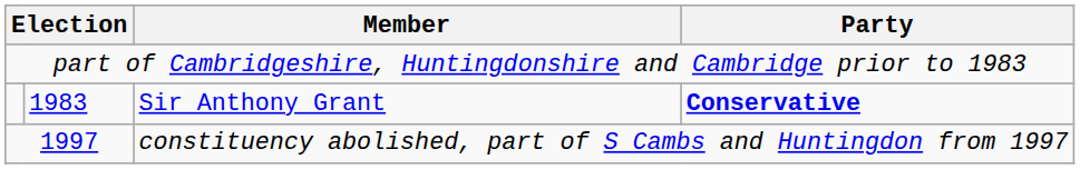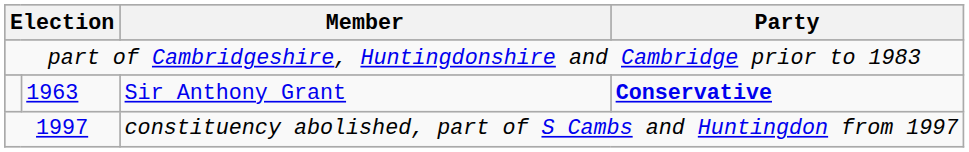 <table class="wikitable">
 <tr>
 <th colspan="2">Election</th>
 <th>Member</th>
 <th>Party</th>
 </tr>
 <tr>
 <td colspan="4" align="center"><em>part of <a href='#'>Cambridgeshire</a>, <a href='#'>Huntingdonshire</a> and <a href='#'>Cambridge</a> prior to 1983</em></td>
 </tr>
 <tr>
 <td style="color:inherit;background-color: "></td>
-<td><a href='#'>1983</a></td>
+<td><a href='#'>1963</a></td>
 <td><a href='#'>Sir Anthony Grant</a></td>
 <td><strong><a href='#'>Conservative</a></strong></td>
 </tr>
 <tr>
 <td colspan="2" align="center"><a href='#'>1997</a></td>
 <td colspan="2"><em>constituency abolished, part of <a href='#'>S Cambs</a> and <a href='#'>Huntingdon</a> from 1997</em></td>
 </tr>
 </table>
